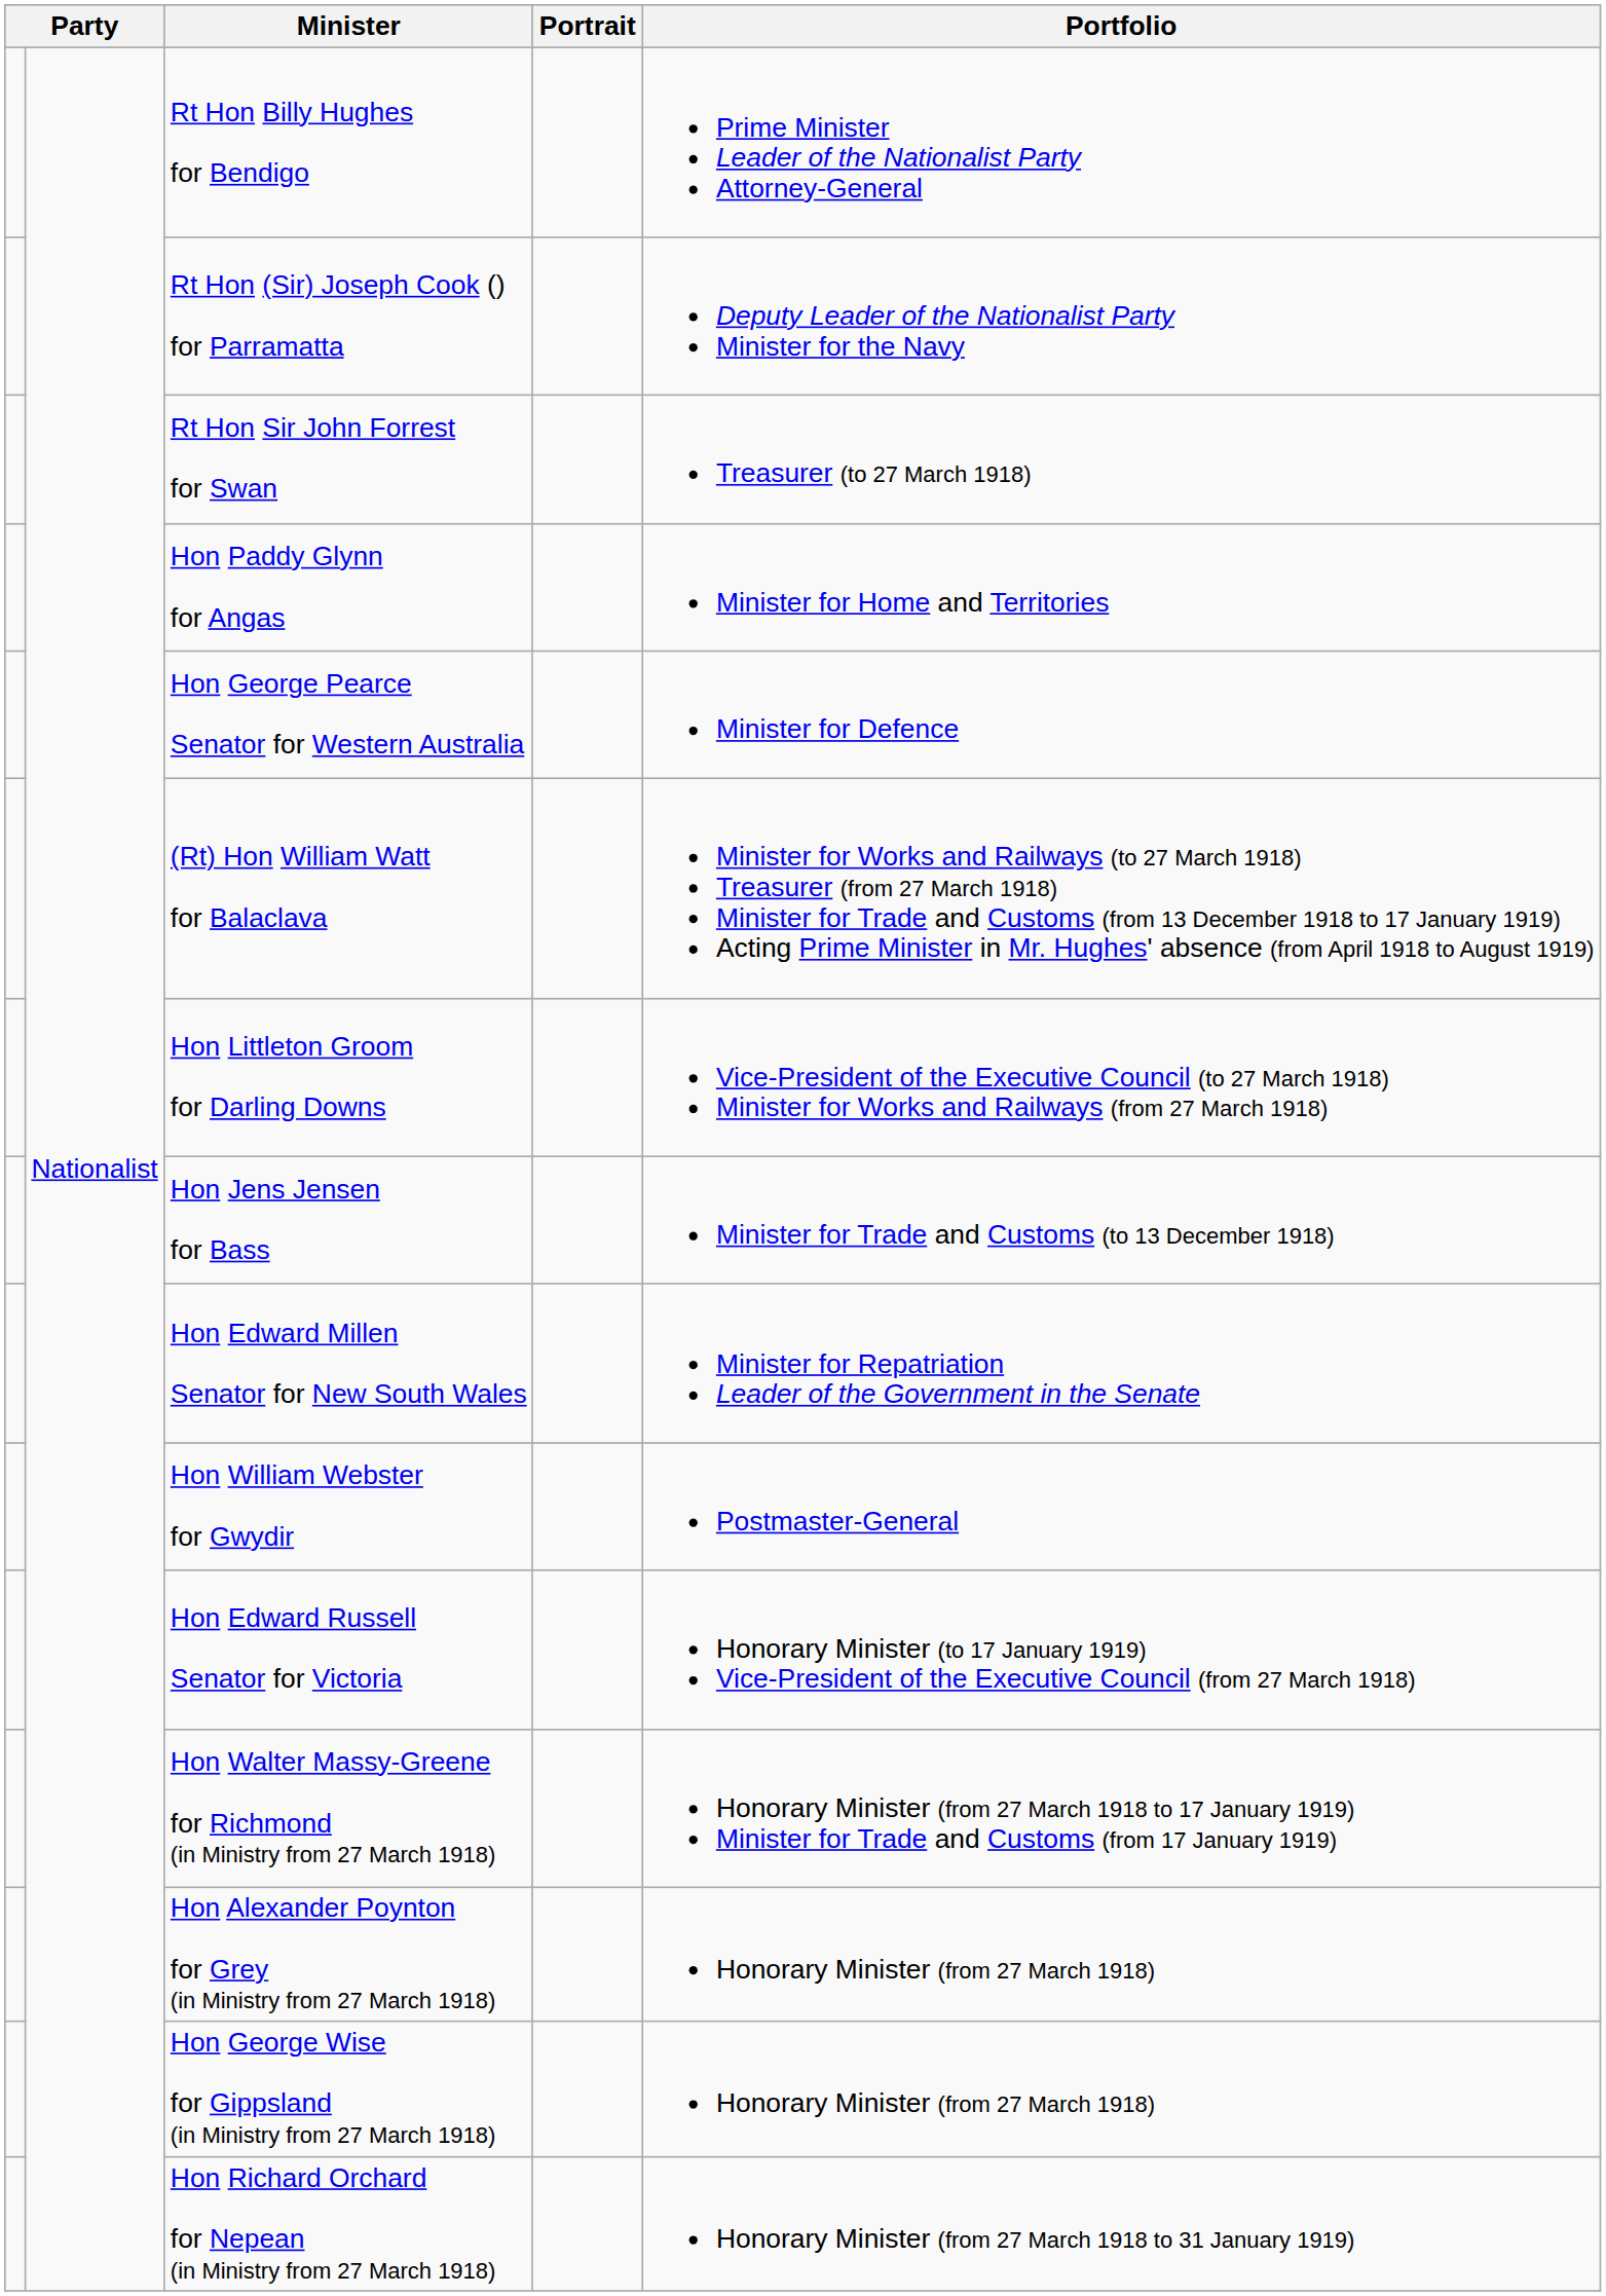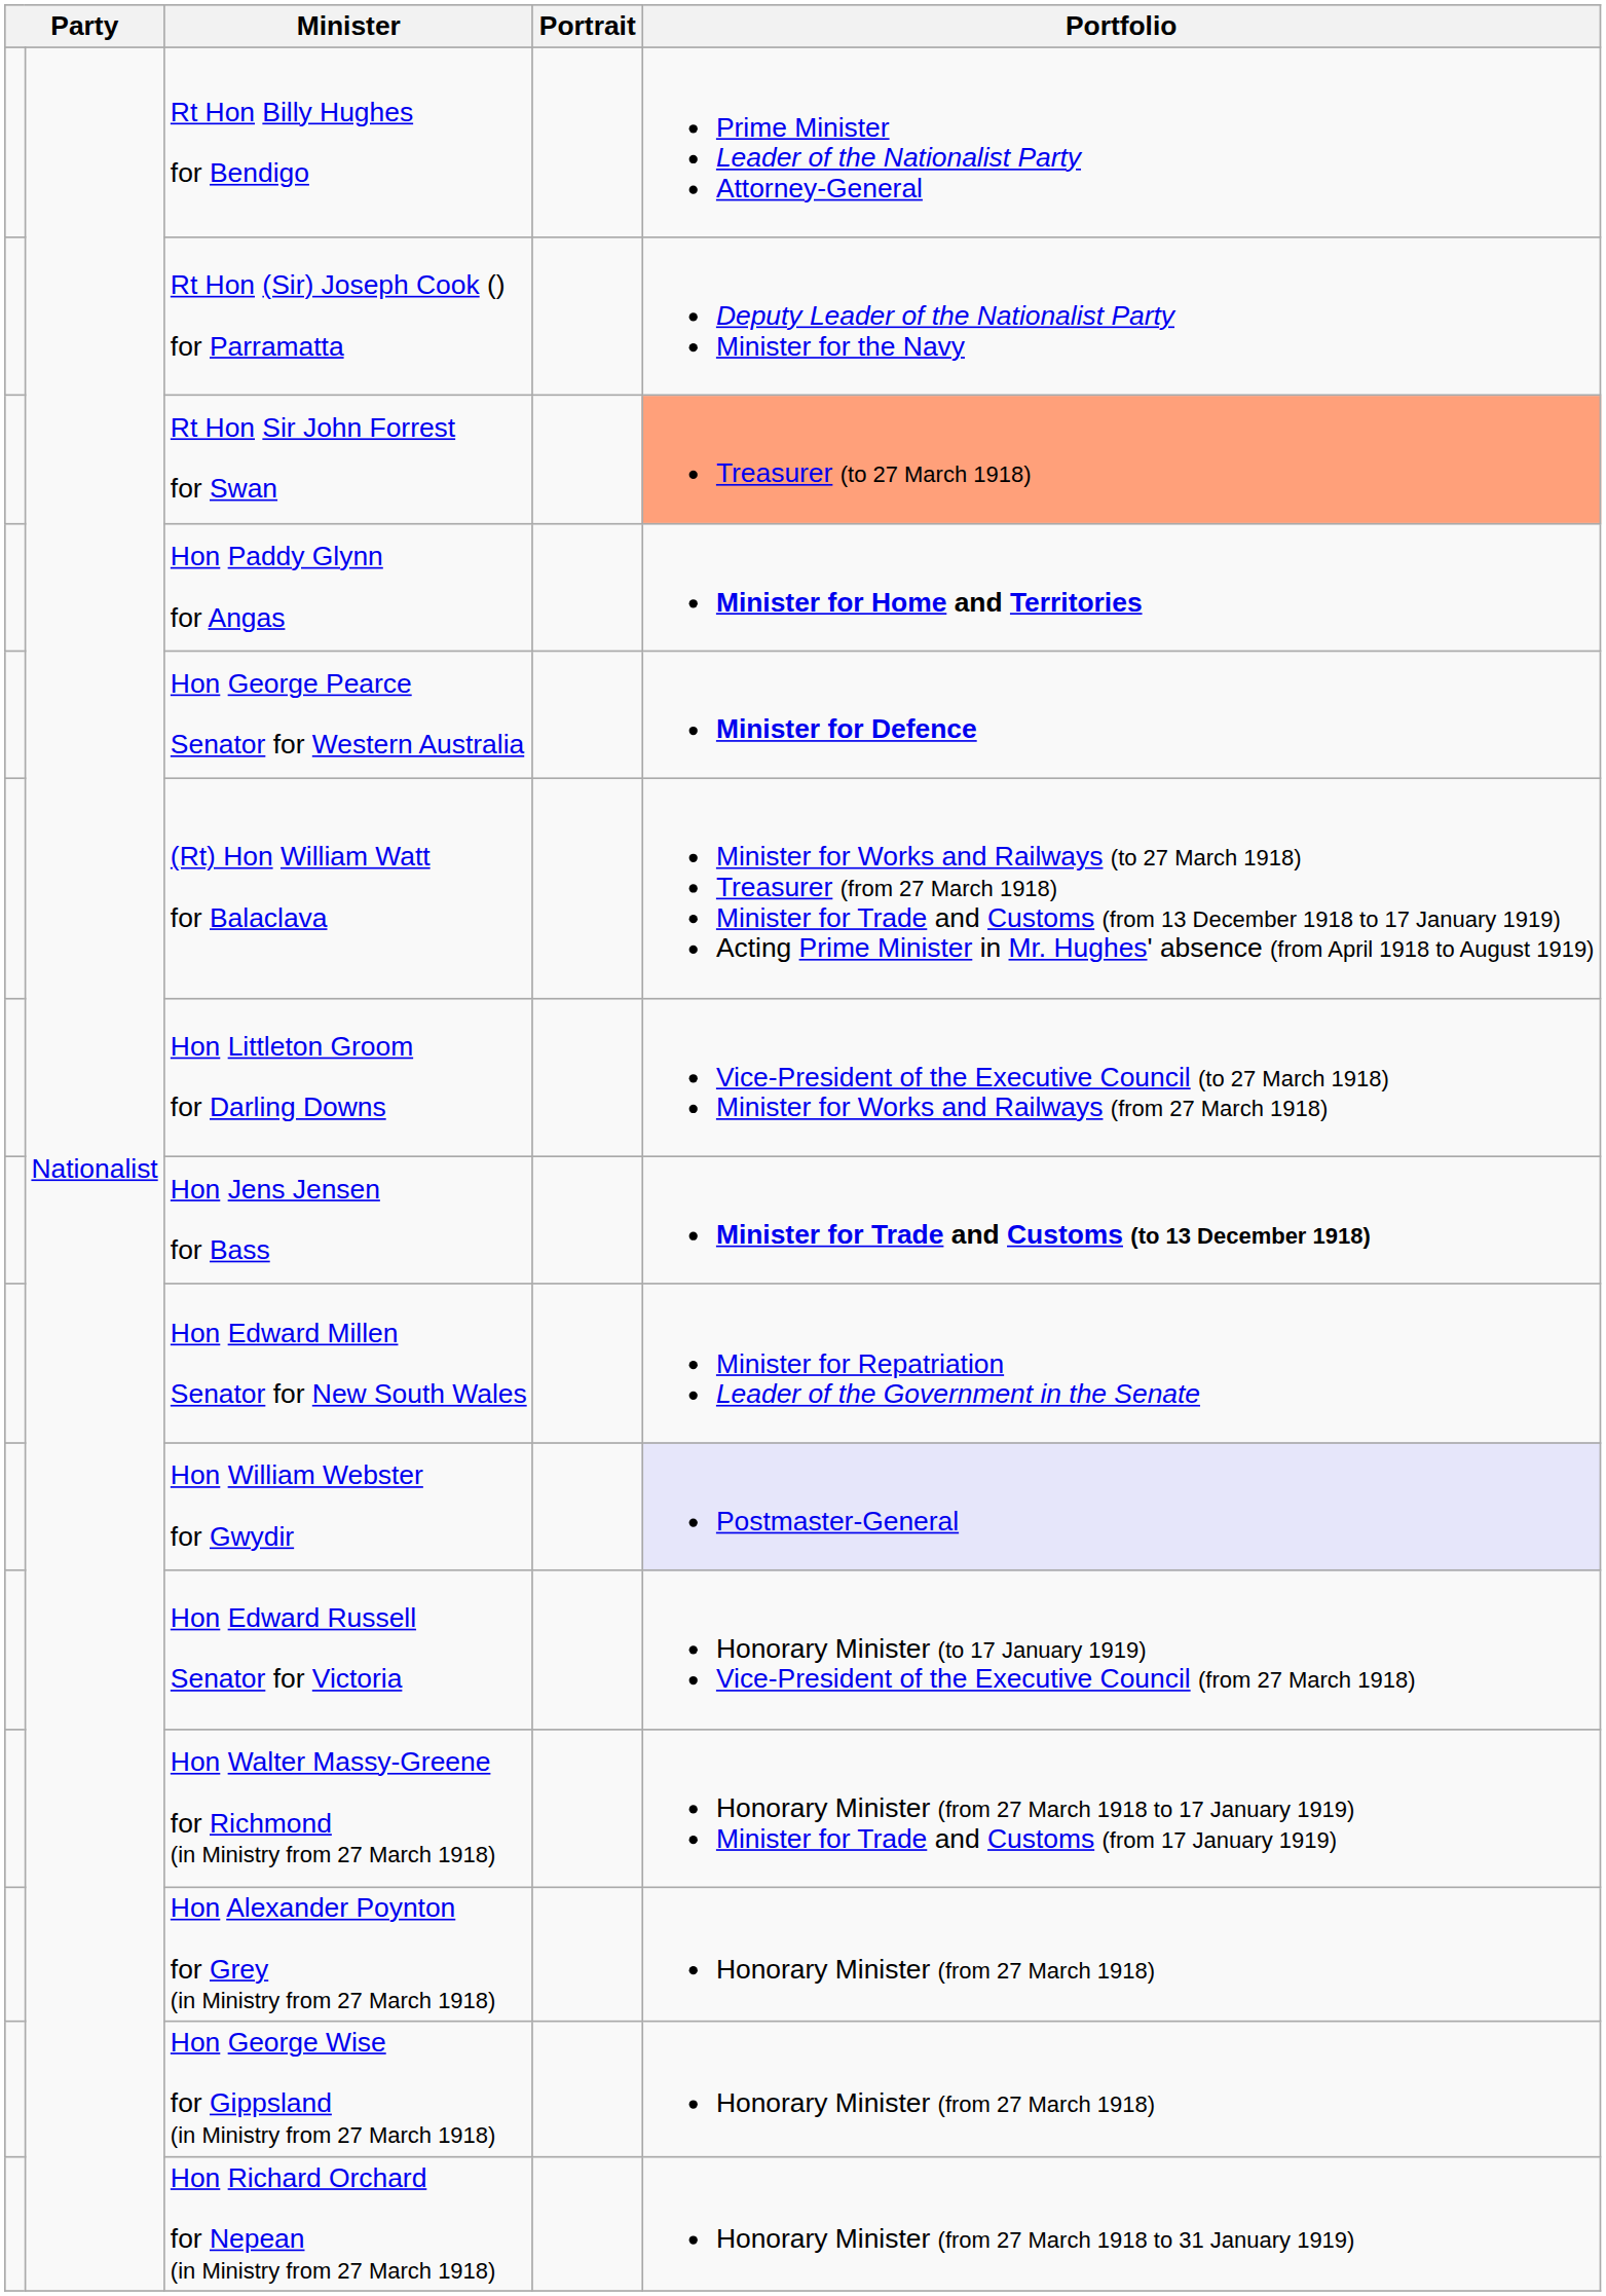 <table class="wikitable sortable">
 <tr>
 <th colspan="2">Party</th>
 <th>Minister</th>
 <th>Portrait</th>
 <th>Portfolio</th>
 </tr>
 <tr>
 <td> </td>
 <td rowspan=15><a href='#'>Nationalist</a></td>
 <td><a href='#'>Rt Hon</a> <a href='#'>Billy Hughes</a>  <br><br> for <a href='#'>Bendigo</a> <br></td>
 <td></td>
 <td><br><ul><li><a href='#'>Prime Minister</a></li><li><em><a href='#'>Leader of the Nationalist Party</a></em></li><li><a href='#'>Attorney-General</a></li></ul></td>
 </tr>
 <tr>
 <td> </td>
 <td><a href='#'>Rt Hon</a> <a href='#'>(Sir) Joseph Cook</a> () <br><br> for <a href='#'>Parramatta</a> <br></td>
 <td></td>
 <td><br><ul><li><em><a href='#'>Deputy Leader of the Nationalist Party</a></em></li><li><a href='#'>Minister for the Navy</a></li></ul></td>
 </tr>
 <tr>
 <td> </td>
 <td><a href='#'>Rt Hon</a> <a href='#'>Sir John Forrest</a>  <br><br> for <a href='#'>Swan</a> <br></td>
 <td></td>
-<td><br><ul><li><a href='#'>Treasurer</a> <small>(to 27 March 1918)</small></li></ul></td>
+<td style="background: lightsalmon;"><br><ul><li><a href='#'>Treasurer</a> <small>(to 27 March 1918)</small></li></ul></td>
 </tr>
 <tr>
 <td> </td>
 <td><a href='#'>Hon</a> <a href='#'>Paddy Glynn</a>  <br><br> for <a href='#'>Angas</a> <br></td>
 <td></td>
-<td><br><ul><li><a href='#'>Minister for Home</a> and <a href='#'>Territories</a></li></ul></td>
+<td><strong><br><ul><li><a href='#'>Minister for Home</a> and <a href='#'>Territories</a></li></ul></strong></td>
 </tr>
 <tr>
 <td> </td>
 <td><a href='#'>Hon</a> <a href='#'>George Pearce</a> <br><br><a href='#'>Senator</a> for <a href='#'>Western Australia</a> <br></td>
 <td></td>
-<td><br><ul><li><a href='#'>Minister for Defence</a></li></ul></td>
+<td><strong><br><ul><li><a href='#'>Minister for Defence</a></li></ul></strong></td>
 </tr>
 <tr>
 <td> </td>
 <td><a href='#'>(Rt) Hon</a> <a href='#'>William Watt</a> <br><br> for <a href='#'>Balaclava</a> <br></td>
 <td></td>
 <td><br><ul><li><a href='#'>Minister for Works and Railways</a> <small>(to 27 March 1918)</small></li><li><a href='#'>Treasurer</a> <small>(from 27 March 1918)</small></li><li><a href='#'>Minister for Trade</a> and <a href='#'>Customs</a> <small>(from 13 December 1918 to 17 January 1919)</small></li><li>Acting <a href='#'>Prime Minister</a> in <a href='#'>Mr. Hughes</a>' absence <small>(from April 1918 to August 1919)</small></li></ul></td>
 </tr>
 <tr>
 <td> </td>
 <td><a href='#'>Hon</a> <a href='#'>Littleton Groom</a> <br><br> for <a href='#'>Darling Downs</a> <br></td>
 <td></td>
 <td><br><ul><li><a href='#'>Vice-President of the Executive Council</a> <small>(to 27 March 1918)</small></li><li><a href='#'>Minister for Works and Railways</a> <small>(from 27 March 1918)</small></li></ul></td>
 </tr>
 <tr>
 <td> </td>
 <td><a href='#'>Hon</a> <a href='#'>Jens Jensen</a> <br><br> for <a href='#'>Bass</a> <br></td>
 <td></td>
-<td><br><ul><li><a href='#'>Minister for Trade</a> and <a href='#'>Customs</a> <small>(to 13 December 1918)</small></li></ul></td>
+<td><strong><br><ul><li><a href='#'>Minister for Trade</a> and <a href='#'>Customs</a> <small>(to 13 December 1918)</small></li></ul></strong></td>
 </tr>
 <tr>
 <td> </td>
 <td><a href='#'>Hon</a> <a href='#'>Edward Millen</a> <br><br><a href='#'>Senator</a> for <a href='#'>New South Wales</a> <br></td>
 <td></td>
 <td><br><ul><li><a href='#'>Minister for Repatriation</a></li><li><em><a href='#'>Leader of the Government in the Senate</a></em></li></ul></td>
 </tr>
 <tr>
 <td> </td>
 <td><a href='#'>Hon</a> <a href='#'>William Webster</a> <br><br> for <a href='#'>Gwydir</a> <br></td>
 <td></td>
-<td><br><ul><li><a href='#'>Postmaster-General</a></li></ul></td>
+<td style="background: lavender;"><br><ul><li><a href='#'>Postmaster-General</a></li></ul></td>
 </tr>
 <tr>
 <td> </td>
 <td><a href='#'>Hon</a> <a href='#'>Edward Russell</a> <br><br><a href='#'>Senator</a> for <a href='#'>Victoria</a> <br></td>
 <td></td>
 <td><br><ul><li>Honorary Minister <small>(to 17 January 1919)</small></li><li><a href='#'>Vice-President of the Executive Council</a> <small>(from 27 March 1918)</small></li></ul></td>
 </tr>
 <tr>
 <td> </td>
 <td><a href='#'>Hon</a> <a href='#'>Walter Massy-Greene</a> <br><br> for <a href='#'>Richmond</a> <br> <small>(in Ministry from 27 March 1918)</small></td>
 <td></td>
 <td><br><ul><li>Honorary Minister <small>(from 27 March 1918 to 17 January 1919)</small></li><li><a href='#'>Minister for Trade</a> and <a href='#'>Customs</a> <small>(from 17 January 1919)</small></li></ul></td>
 </tr>
 <tr>
 <td> </td>
 <td><a href='#'>Hon</a> <a href='#'>Alexander Poynton</a> <br><br> for <a href='#'>Grey</a> <br> <small>(in Ministry from 27 March 1918)</small></td>
 <td></td>
 <td><br><ul><li>Honorary Minister <small>(from 27 March 1918)</small></li></ul></td>
 </tr>
 <tr>
 <td> </td>
 <td><a href='#'>Hon</a> <a href='#'>George Wise</a> <br><br> for <a href='#'>Gippsland</a> <br> <small>(in Ministry from 27 March 1918)</small></td>
 <td></td>
 <td><br><ul><li>Honorary Minister <small>(from 27 March 1918)</small></li></ul></td>
 </tr>
 <tr>
 <td> </td>
 <td><a href='#'>Hon</a> <a href='#'>Richard Orchard</a> <br><br> for <a href='#'>Nepean</a> <br> <small>(in Ministry from 27 March 1918)</small></td>
 <td></td>
 <td><br><ul><li>Honorary Minister <small>(from 27 March 1918 to 31 January 1919)</small></li></ul></td>
 </tr>
 </table>
